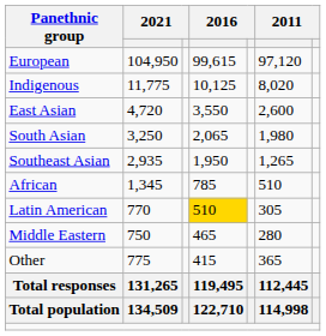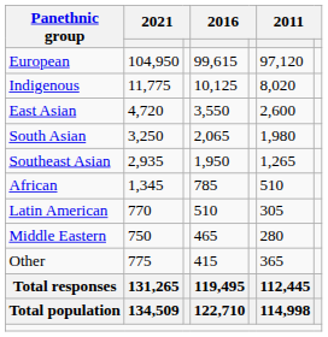 <table class="wikitable collapsible sortable">
 <tr>
 <th rowspan="2"><a href='#'>Panethnic</a><br>group</th>
 <th colspan="2">2021</th>
 <th colspan="2">2016</th>
 <th colspan="2">2011</th>
 </tr>
 <tr>
 <th><a href='#'></a></th>
 <th></th>
 <th></th>
 <th></th>
 <th></th>
 <th></th>
 </tr>
 <tr>
 <td><a href='#'>European</a></td>
 <td>104,950</td>
 <td></td>
 <td>99,615</td>
 <td></td>
 <td>97,120</td>
 <td></td>
 </tr>
 <tr>
 <td><a href='#'>Indigenous</a></td>
 <td>11,775</td>
 <td></td>
 <td>10,125</td>
 <td></td>
 <td>8,020</td>
 <td></td>
 </tr>
 <tr>
 <td><a href='#'>East Asian</a></td>
 <td>4,720</td>
 <td></td>
 <td>3,550</td>
 <td></td>
 <td>2,600</td>
 <td></td>
 </tr>
 <tr>
 <td><a href='#'>South Asian</a></td>
 <td>3,250</td>
 <td></td>
 <td>2,065</td>
 <td></td>
 <td>1,980</td>
 <td></td>
 </tr>
 <tr>
 <td><a href='#'>Southeast Asian</a></td>
 <td>2,935</td>
 <td></td>
 <td>1,950</td>
 <td></td>
 <td>1,265</td>
 <td></td>
 </tr>
 <tr>
 <td><a href='#'>African</a></td>
 <td>1,345</td>
 <td></td>
 <td>785</td>
 <td></td>
 <td>510</td>
 <td></td>
 </tr>
 <tr>
 <td><a href='#'>Latin American</a></td>
 <td>770</td>
 <td></td>
-<td style="background: gold;">510</td>
+<td>510</td>
 <td></td>
 <td>305</td>
 <td></td>
 </tr>
 <tr>
 <td><a href='#'>Middle Eastern</a></td>
 <td>750</td>
 <td></td>
 <td>465</td>
 <td></td>
 <td>280</td>
 <td></td>
 </tr>
 <tr>
 <td>Other</td>
 <td>775</td>
 <td></td>
 <td>415</td>
 <td></td>
 <td>365</td>
 <td></td>
 </tr>
 <tr>
 <th>Total responses</th>
 <th>131,265</th>
 <th></th>
 <th>119,495</th>
 <th></th>
 <th>112,445</th>
 <th></th>
 </tr>
 <tr>
 <th>Total population</th>
 <th>134,509</th>
 <th></th>
 <th>122,710</th>
 <th></th>
 <th>114,998</th>
 <th></th>
 </tr>
 <tr class="sortbottom">
 <td colspan="15"></td>
 </tr>
 </table>
